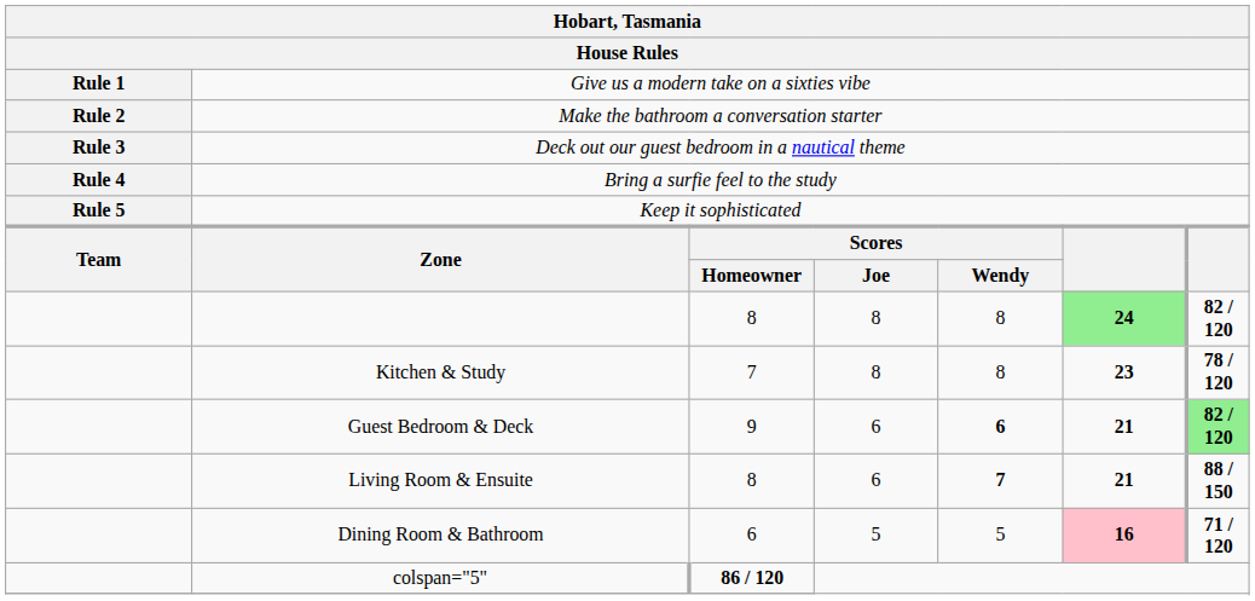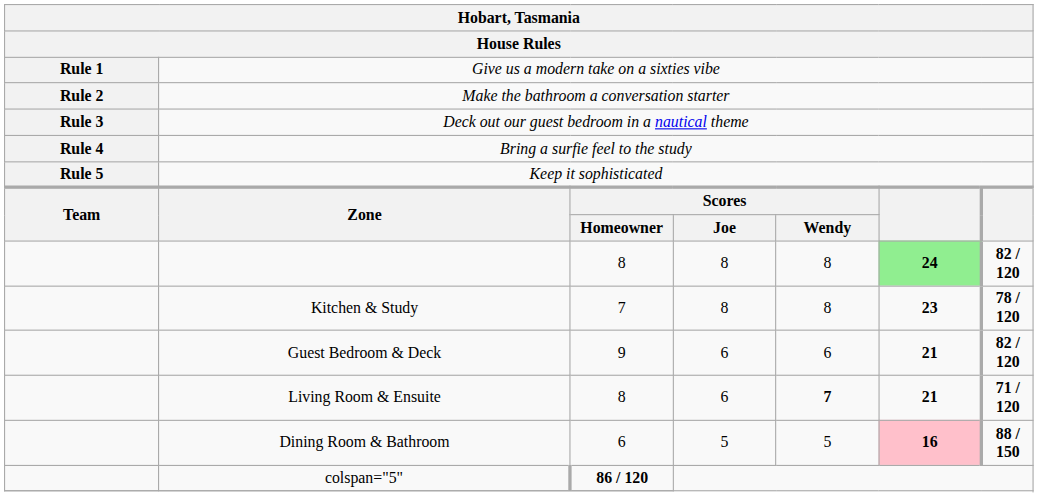 <table class="wikitable plainrowheaders" style="text-align:center; font-size:90%; width:65em;">
 <tr>
 <th colspan="7" >Hobart, Tasmania</th>
 </tr>
 <tr>
 <th colspan="7">House Rules</th>
 </tr>
 <tr>
 <th>Rule 1</th>
 <td colspan="6"><em>Give us a modern take on a sixties vibe</em></td>
 </tr>
 <tr>
 <th>Rule 2</th>
 <td colspan="6"><em>Make the bathroom a conversation starter</em></td>
 </tr>
 <tr>
 <th>Rule 3</th>
 <td colspan="6"><em>Deck out our guest bedroom in a <a href='#'>nautical</a> theme</em></td>
 </tr>
 <tr>
 <th>Rule 4</th>
 <td colspan="6"><em>Bring a surfie feel to the study</em></td>
 </tr>
 <tr>
 <th>Rule 5</th>
 <td colspan="6"><em>Keep it sophisticated</em></td>
 </tr>
 <tr>
 </tr>
 <tr style="border-top:3px solid #aaa;">
 <th rowspan="2">Team</th>
 <th rowspan="2" style="width:40%;">Zone</th>
 <th colspan="3" style="width:40%;">Scores</th>
 <th rowspan="2" style="width:10%;"></th>
 <th rowspan="2" style="width:10%; border-left:3px solid #aaa;"></th>
 </tr>
 <tr>
 <th style="width:10%;">Homeowner</th>
 <th style="width:10%;">Joe</th>
 <th style="width:10%;">Wendy</th>
 </tr>
 <tr>
 <td style="width:15%;"></td>
 <td></td>
 <td>8</td>
 <td>8</td>
 <td>8</td>
 <td bgcolor="lightgreen"><strong>24</strong></td>
 <td style="border-left:3px solid #aaa;"><strong> 82 / 120</strong></td>
 </tr>
 <tr>
 <td style="width:15%;"></td>
 <td>Kitchen & Study</td>
 <td>7</td>
 <td>8</td>
 <td>8</td>
 <td><strong>23</strong></td>
 <td style="border-left:3px solid #aaa;"><strong> 78 / 120</strong></td>
 </tr>
 <tr>
 <td style="width:15%;"></td>
 <td>Guest Bedroom & Deck</td>
 <td>9</td>
 <td>6</td>
-<td><strong>6</strong></td>
+<td>6</td>
 <td><strong>21</strong></td>
-<td style="background: lightgreen; border-left:3px solid #aaa;"><strong> 82 / 120</strong></td>
+<td style="border-left:3px solid #aaa;"><strong> 82 / 120</strong></td>
 </tr>
 <tr>
 <td style="width:15%;"></td>
 <td>Living Room & Ensuite</td>
 <td>8</td>
 <td>6</td>
 <td><strong>7</strong></td>
 <td><strong>21</strong></td>
-<td style="border-left:3px solid #aaa;"><strong> 88 / 150</strong></td>
+<td style="border-left:3px solid #aaa;"><strong> 71 / 120</strong></td>
 </tr>
 <tr>
 <td style="width:15%;"></td>
 <td>Dining Room & Bathroom</td>
 <td>6</td>
 <td>5</td>
 <td>5</td>
 <td bgcolor="pink"><strong>16</strong></td>
-<td style="border-left:3px solid #aaa;"><strong> 71 / 120</strong></td>
+<td style="border-left:3px solid #aaa;"><strong> 88 / 150</strong></td>
 </tr>
 <tr>
 <td style="width:15%;"></td>
 <td>colspan="5" </td>
 <td style="border-left:3px solid #aaa;"><strong> 86 / 120</strong></td>
 </tr>
 <tr>
 </tr>
 </table>
